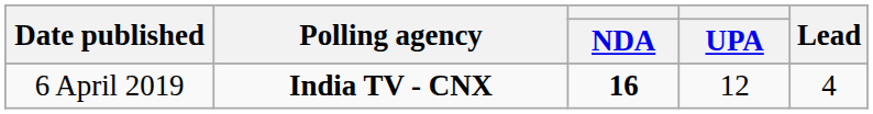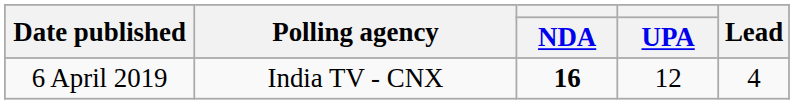 <table class="wikitable sortable" style="text-align:center;font-size:95%;line-height:16px">
 <tr>
 <th rowspan="2" width="100px">Date published</th>
 <th rowspan="2" width="175px">Polling agency</th>
 <th style="background:"></th>
 <th style="background:"></th>
 <th rowspan="2">Lead</th>
 </tr>
 <tr>
 <th width="50px" class="unsortable"><a href='#'>NDA</a></th>
 <th width="50px" class="unsortable"><a href='#'>UPA</a></th>
 </tr>
 <tr>
 <td>6 April 2019</td>
-<td><strong>India TV - CNX</strong></td>
+<td>India TV - CNX</td>
 <td><strong>16</strong></td>
 <td>12</td>
 <td style="background:"><span>4</span></td>
 </tr>
 </table>
